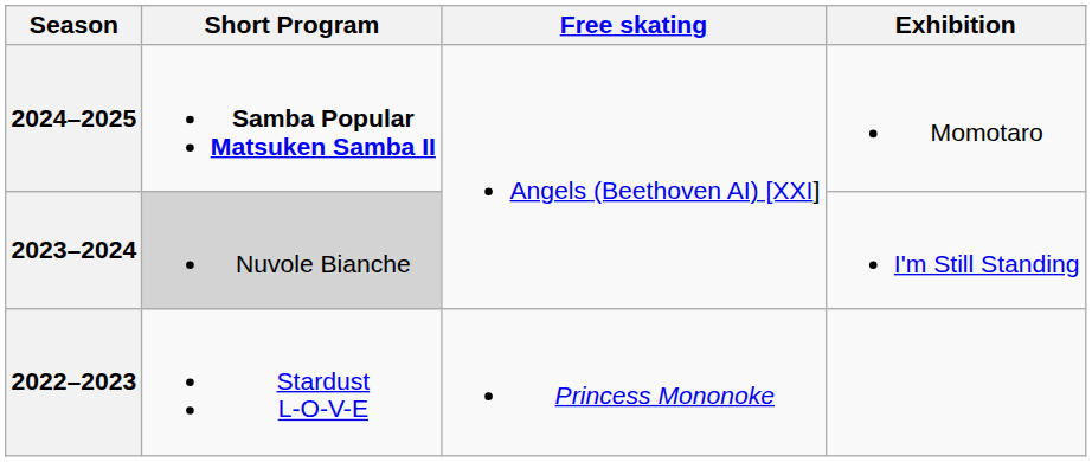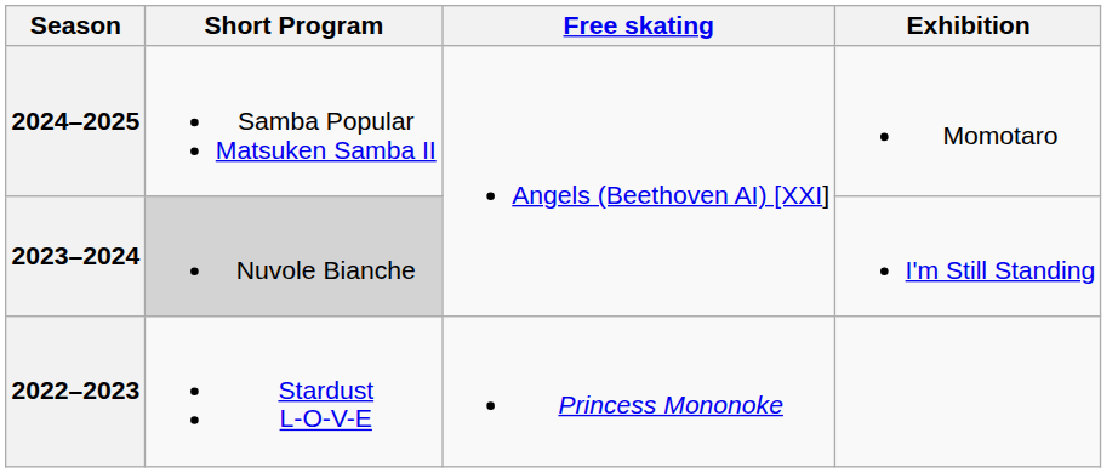 <table class="wikitable" style="text-align:center">
 <tr>
 <th>Season</th>
 <th>Short Program</th>
 <th><a href='#'>Free skating</a></th>
 <th>Exhibition</th>
 </tr>
 <tr>
 <th>2024–2025 <br> </th>
-<td><strong><br><ul><li>Samba Popular <br> </li><li><a href='#'>Matsuken Samba II</a> <br> </li></ul></strong></td>
+<td><br><ul><li>Samba Popular <br> </li><li><a href='#'>Matsuken Samba II</a> <br> </li></ul></td>
 <td rowspan=2><br><ul><li><a href='#'>Angels (Beethoven AI) [XXI</a>] <br> </li></ul></td>
 <td><br><ul><li>Momotaro <br> </li></ul></td>
 </tr>
 <tr>
 <th>2023–2024 <br> </th>
 <td style="background: lightgrey;"><br><ul><li>Nuvole Bianche <br> </li></ul></td>
 <td><br><ul><li><a href='#'>I'm Still Standing</a> <br> </li></ul></td>
 </tr>
 <tr>
 <th>2022–2023 <br> </th>
 <td><br><ul><li><a href='#'>Stardust</a></li><li><a href='#'>L-O-V-E</a> <br> </li></ul></td>
 <td><br><ul><li><em><a href='#'>Princess Mononoke</a></em> <br> </li></ul></td>
 <td></td>
 </tr>
 </table>
